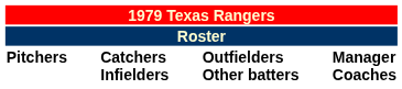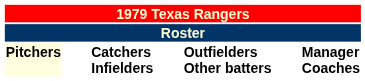 <table class="toccolours" style="font-size: 95%;">
 <tr>
 <th colspan="10" style="background-color: red; color: #FFFDD0; text-align: center;">1979 Texas Rangers</th>
 </tr>
 <tr>
 <td colspan="10" style="background-color: #003366; color: #FFFDD0; text-align: center;"><strong>Roster</strong></td>
 </tr>
 <tr>
-<td valign="top"><strong>Pitchers</strong><br>               </td>
+<td valign="top" style="background: lightyellow;"><strong>Pitchers</strong><br>               </td>
 <td width="25px"></td>
 <td valign="top"><strong>Catchers</strong><br>   <strong>Infielders</strong>           </td>
 <td width="25px"></td>
 <td valign="top"><strong>Outfielders</strong><br>      <strong>Other batters</strong>   </td>
 <td width="25px"></td>
 <td valign="top"><strong>Manager</strong><br> <strong>Coaches</strong>    </td>
 </tr>
 <tr>
 </tr>
 </table>
